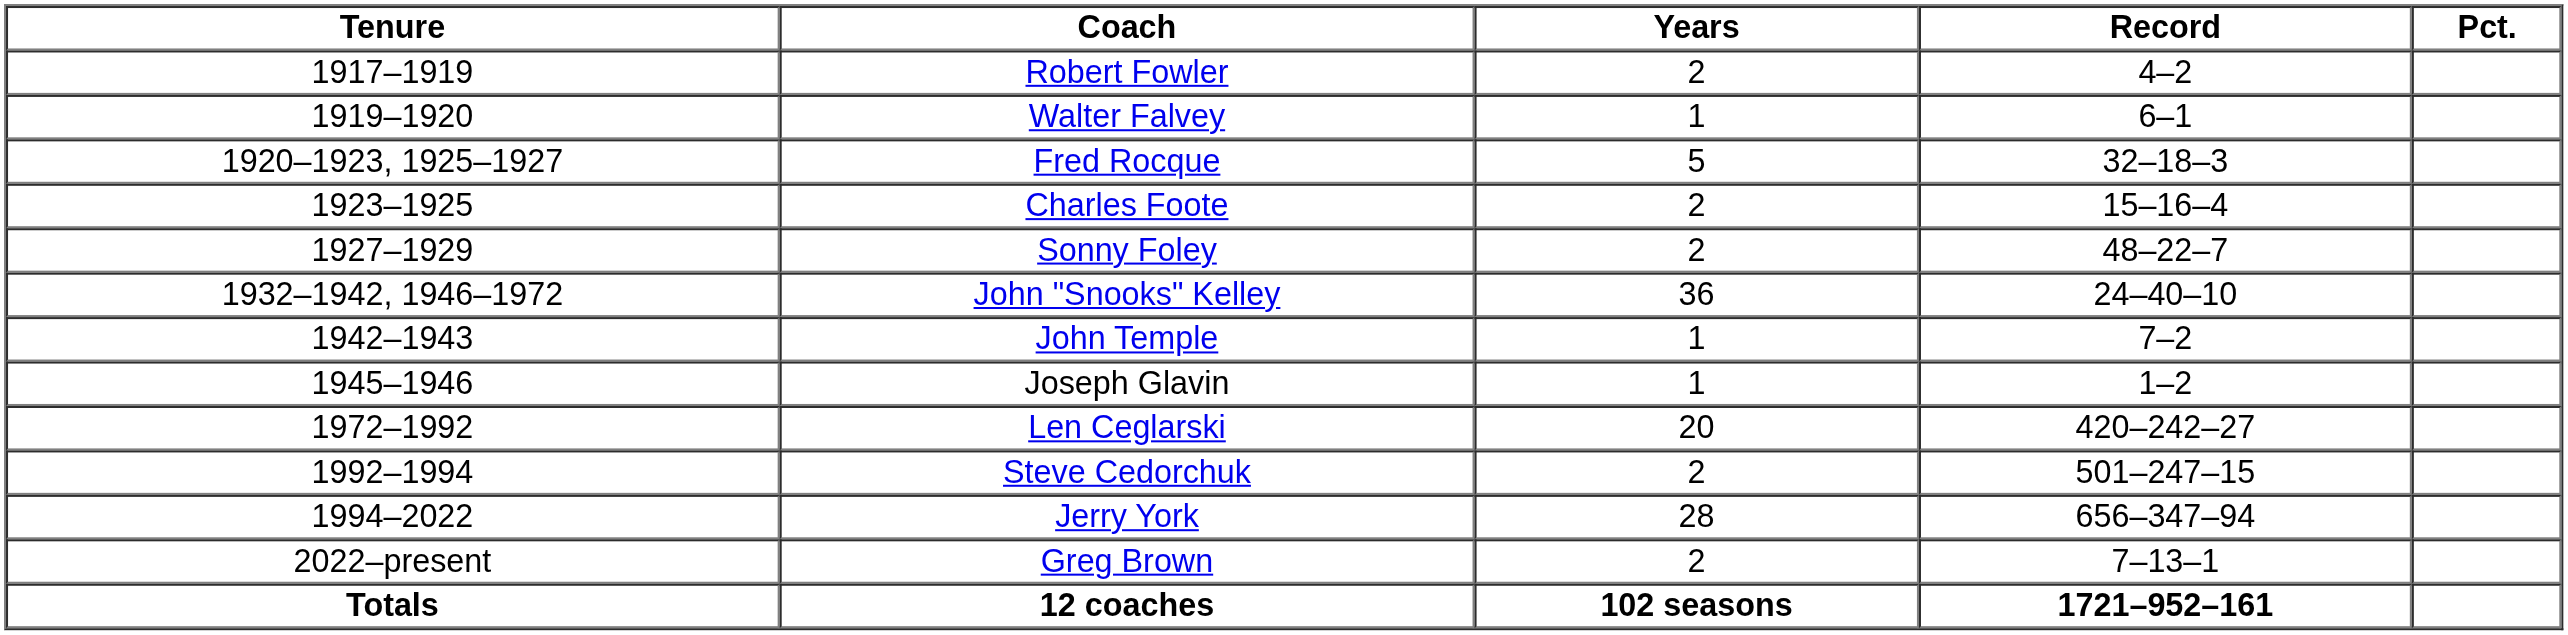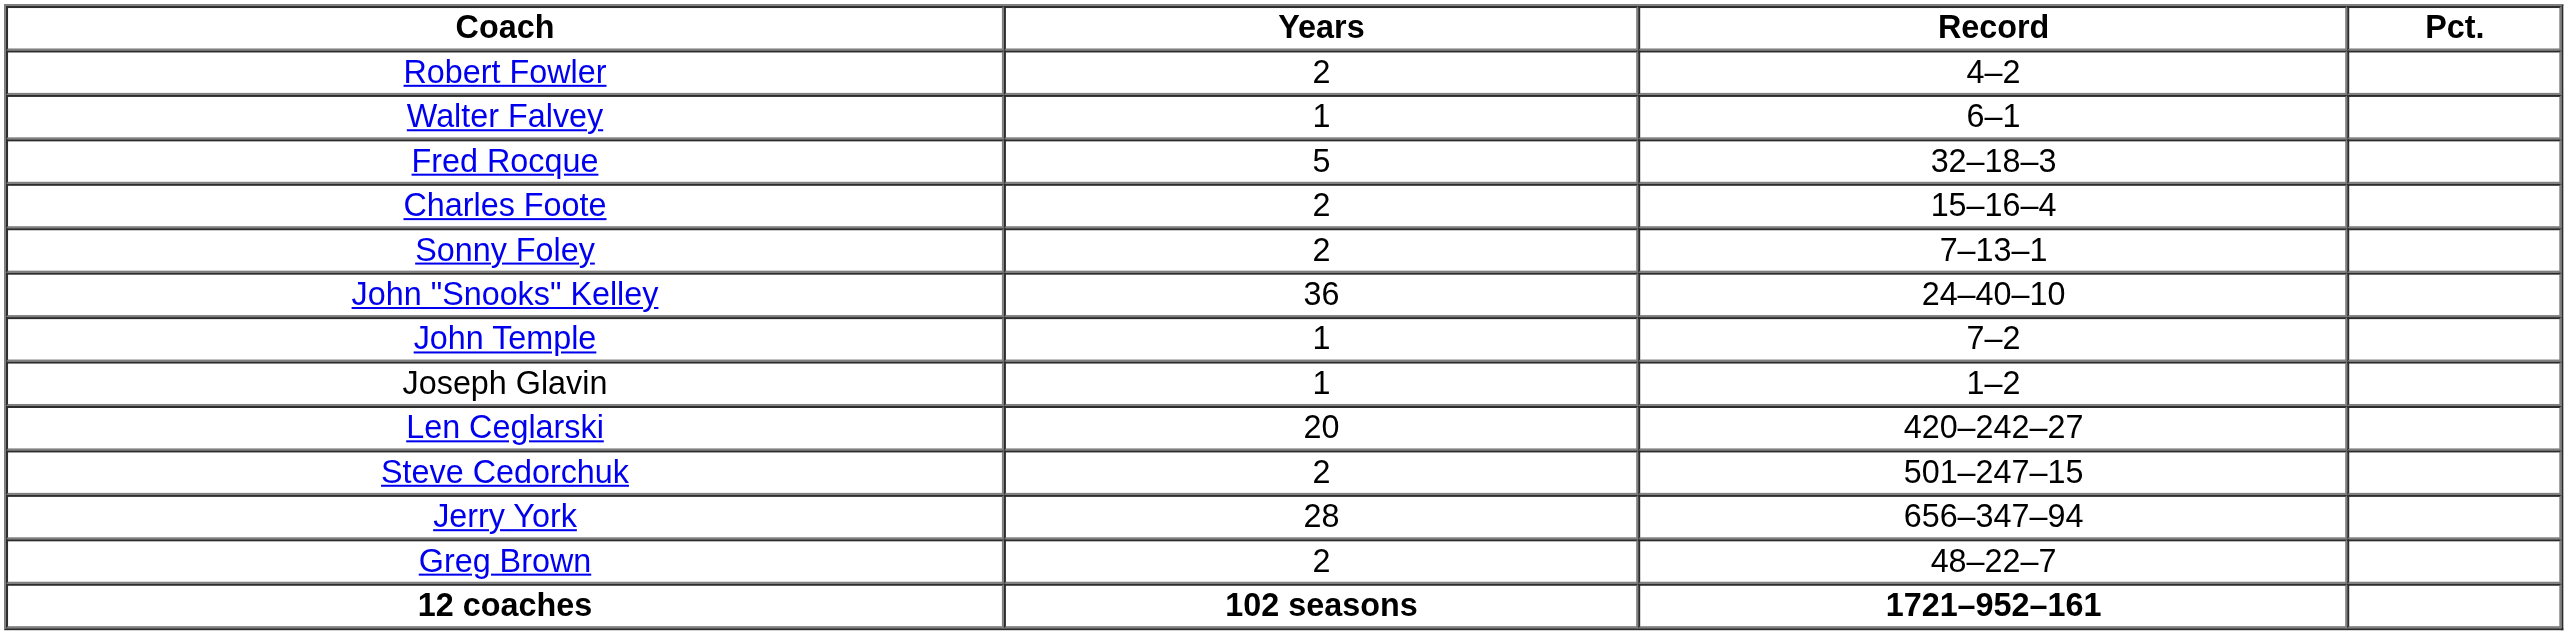 <table cellpadding="1" border="1" cellspacing="0" width="80%">
 <tr>
-<th>Tenure</th>
 <th>Coach</th>
 <th>Years</th>
 <th>Record</th>
 <th>Pct.</th>
 </tr>
 <tr align="center">
-<td>1917–1919</td>
 <td><a href='#'>Robert Fowler</a></td>
 <td>2</td>
 <td>4–2</td>
 <td></td>
 </tr>
 <tr align="center">
-<td>1919–1920</td>
 <td><a href='#'>Walter Falvey</a></td>
 <td>1</td>
 <td>6–1</td>
 <td></td>
 </tr>
 <tr align="center">
-<td>1920–1923, 1925–1927</td>
 <td><a href='#'>Fred Rocque</a></td>
 <td>5</td>
 <td>32–18–3</td>
 <td></td>
 </tr>
 <tr align="center">
-<td>1923–1925</td>
 <td><a href='#'>Charles Foote</a></td>
 <td>2</td>
 <td>15–16–4</td>
 <td></td>
 </tr>
 <tr align="center">
-<td>1927–1929</td>
 <td><a href='#'>Sonny Foley</a></td>
 <td>2</td>
-<td>48–22–7</td>
+<td>7–13–1</td>
 <td></td>
 </tr>
 <tr align="center">
-<td>1932–1942, 1946–1972</td>
 <td><a href='#'>John "Snooks" Kelley</a></td>
 <td>36</td>
 <td>24–40–10</td>
 <td></td>
 </tr>
 <tr align="center">
-<td>1942–1943</td>
 <td><a href='#'>John Temple</a></td>
 <td>1</td>
 <td>7–2</td>
 <td></td>
 </tr>
 <tr align="center">
-<td>1945–1946</td>
 <td>Joseph Glavin</td>
 <td>1</td>
 <td>1–2</td>
 <td></td>
 </tr>
 <tr align="center">
-<td>1972–1992</td>
 <td><a href='#'>Len Ceglarski</a></td>
 <td>20</td>
 <td>420–242–27</td>
 <td></td>
 </tr>
 <tr align="center">
-<td>1992–1994</td>
 <td><a href='#'>Steve Cedorchuk</a></td>
 <td>2</td>
 <td>501–247–15</td>
 <td></td>
 </tr>
 <tr align="center">
-<td>1994–2022</td>
 <td><a href='#'>Jerry York</a></td>
 <td>28</td>
 <td>656–347–94</td>
 <td></td>
 </tr>
 <tr align="center">
-<td>2022–present</td>
 <td><a href='#'>Greg Brown</a></td>
 <td>2</td>
-<td>7–13–1</td>
+<td>48–22–7</td>
 <td></td>
 </tr>
 <tr align="center">
-<th>Totals</th>
 <th>12 coaches</th>
 <th>102 seasons</th>
 <th>1721–952–161</th>
 <th></th>
 </tr>
 </table>
